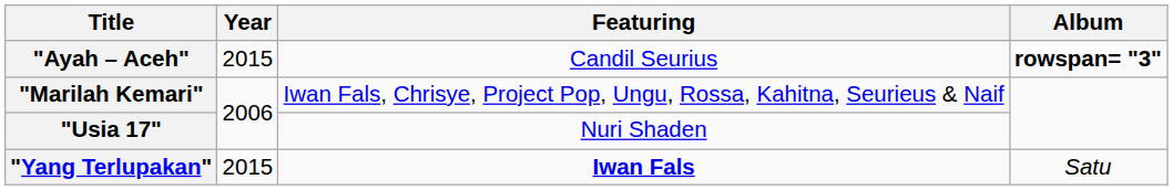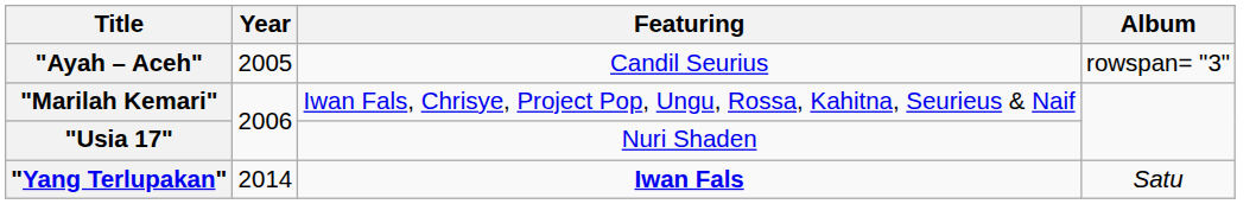 <table class="wikitable plainrowheaders" style="text-align:center;">
 <tr>
 <th scope="col">Title</th>
 <th scope="col">Year</th>
 <th scope="col">Featuring</th>
 <th scope="col">Album</th>
 </tr>
 <tr>
 <th scope="row">"Ayah – Aceh"</th>
-<td>2015</td>
+<td>2005</td>
 <td><a href='#'>Candil Seurius</a></td>
-<td><strong>rowspan= "3" </strong></td>
+<td>rowspan= "3" </td>
 </tr>
 <tr>
 <th scope="row">"Marilah Kemari"</th>
 <td rowspan= "2">2006</td>
 <td><a href='#'>Iwan Fals</a>, <a href='#'>Chrisye</a>, <a href='#'>Project Pop</a>, <a href='#'>Ungu</a>, <a href='#'>Rossa</a>, <a href='#'>Kahitna</a>, <a href='#'>Seurieus</a> & <a href='#'>Naif</a></td>
 </tr>
 <tr>
 <th scope="row">"Usia 17"</th>
 <td><a href='#'>Nuri Shaden</a></td>
 </tr>
 <tr>
 <th scope="row">"<a href='#'>Yang Terlupakan</a>"</th>
-<td>2015</td>
+<td>2014</td>
 <td><strong><a href='#'>Iwan Fals</a></strong></td>
 <td align="center"><em>Satu</em></td>
 </tr>
 </table>
